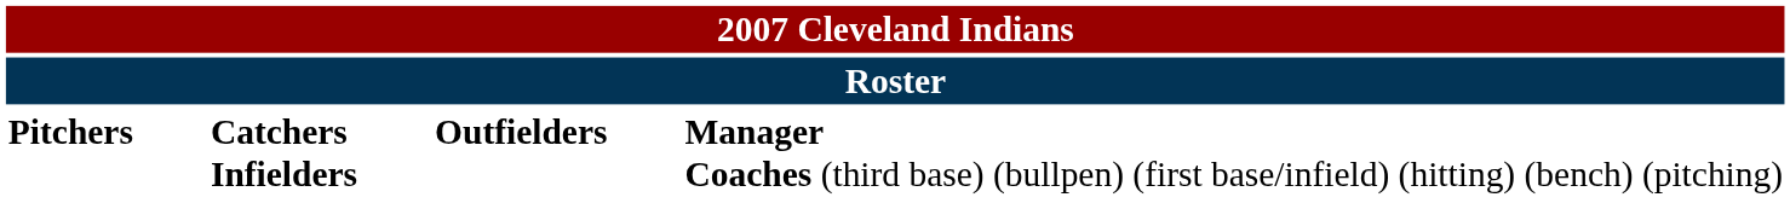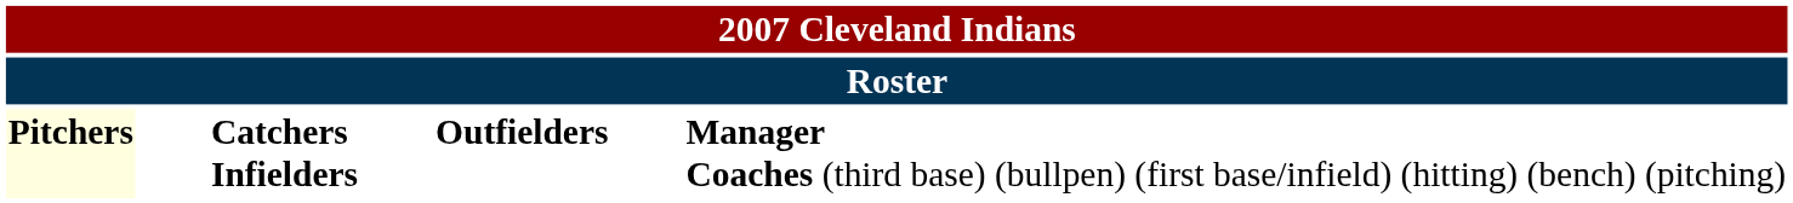 <table class="toccolours" style="font-size: 95%;">
 <tr>
 <th colspan="10" style="background:#900; color:white; text-align:center;">2007 Cleveland Indians</th>
 </tr>
 <tr>
 <td colspan="10" style="background:#023456; color:#fff; text-align:center;"><strong>Roster</strong></td>
 </tr>
 <tr>
-<td valign="top"><strong>Pitchers</strong><br>                    </td>
+<td valign="top" style="background: lightyellow;"><strong>Pitchers</strong><br>                    </td>
 <td style="width:25px;"></td>
 <td valign="top"><strong>Catchers</strong><br>  <strong>Infielders</strong>          </td>
 <td style="width:25px;"></td>
 <td valign="top"><strong>Outfielders</strong><br>       </td>
 <td style="width:25px;"></td>
 <td valign="top"><strong>Manager</strong><br> <strong>Coaches</strong>  (third base)  (bullpen)  (first base/infield)  (hitting)  (bench)  (pitching)</td>
 </tr>
 </table>
